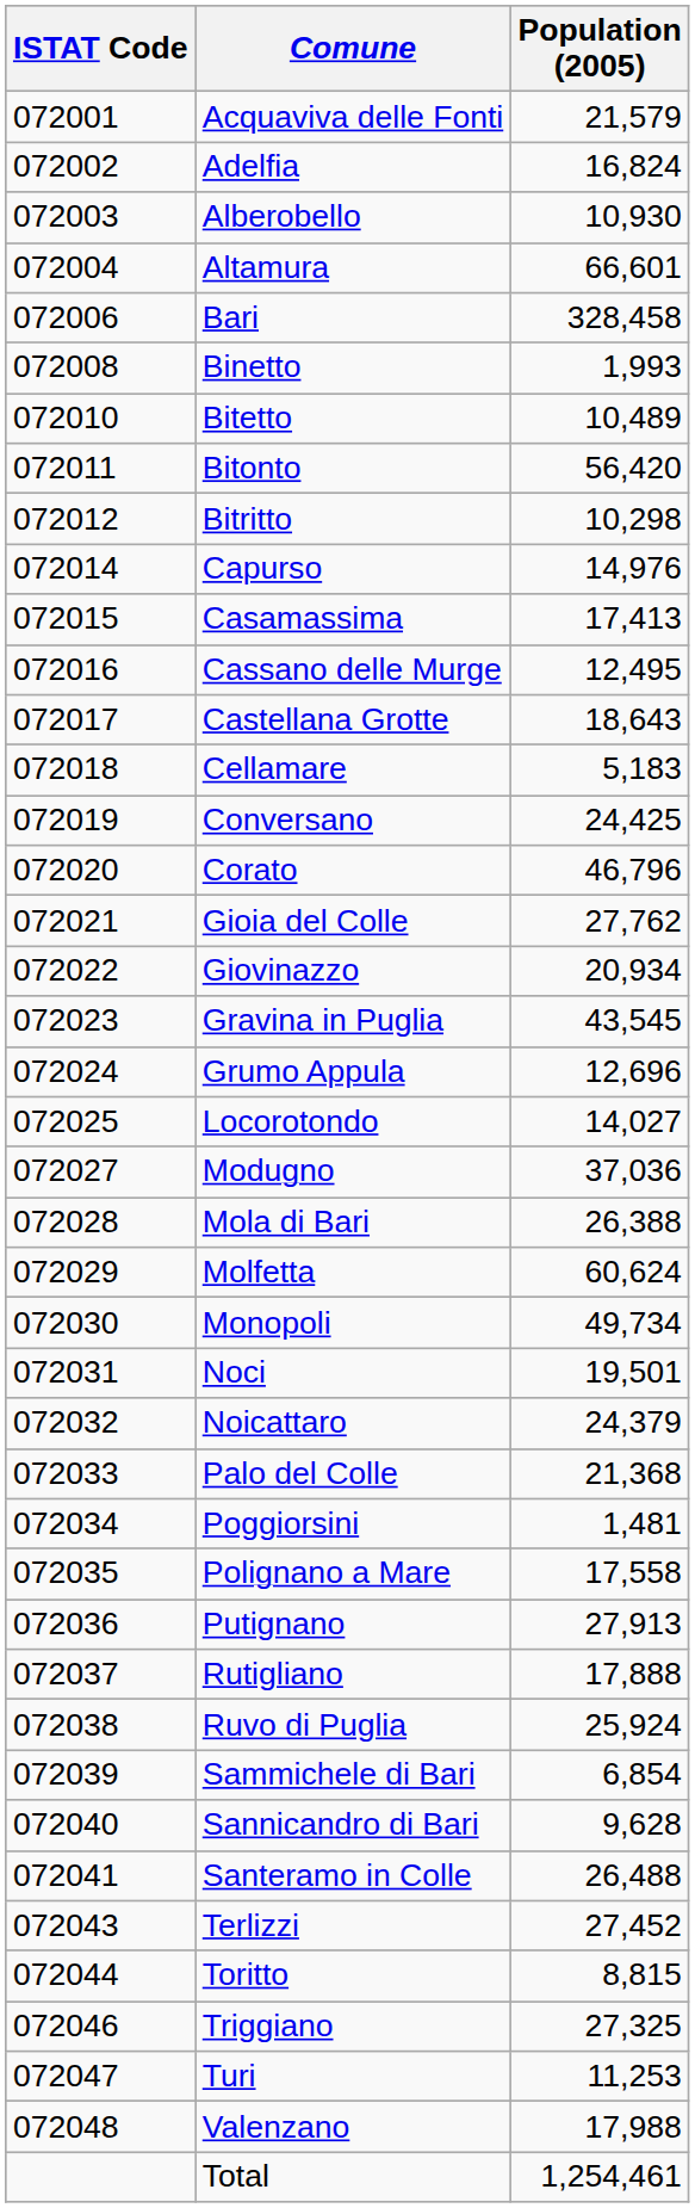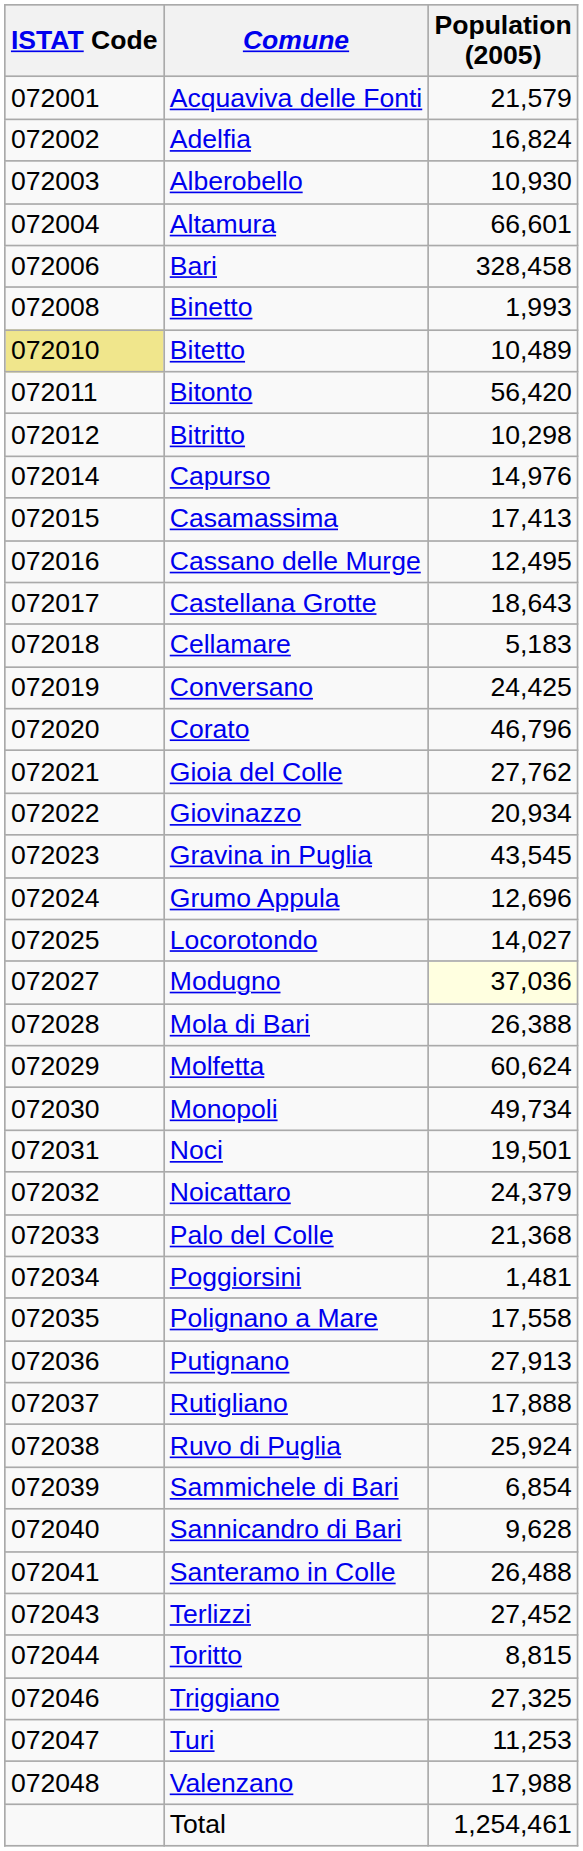 <table class="wikitable sortable">
 <tr>
 <th><a href='#'>ISTAT</a> Code</th>
 <th><em><a href='#'>Comune</a></em></th>
 <th>Population <br>(2005)</th>
 </tr>
 <tr>
 <td>072001</td>
 <td><a href='#'>Acquaviva delle Fonti</a></td>
 <td style="text-align:right;">21,579</td>
 </tr>
 <tr>
 <td>072002</td>
 <td><a href='#'>Adelfia</a></td>
 <td style="text-align:right;">16,824</td>
 </tr>
 <tr>
 <td>072003</td>
 <td><a href='#'>Alberobello</a></td>
 <td style="text-align:right;">10,930</td>
 </tr>
 <tr>
 <td>072004</td>
 <td><a href='#'>Altamura</a></td>
 <td style="text-align:right;">66,601</td>
 </tr>
 <tr>
 <td>072006</td>
 <td><a href='#'>Bari</a></td>
 <td style="text-align:right;">328,458</td>
 </tr>
 <tr>
 <td>072008</td>
 <td><a href='#'>Binetto</a></td>
 <td style="text-align:right;">1,993</td>
 </tr>
 <tr>
-<td>072010</td>
+<td style="background: khaki;">072010</td>
 <td><a href='#'>Bitetto</a></td>
 <td style="text-align:right;">10,489</td>
 </tr>
 <tr>
 <td>072011</td>
 <td><a href='#'>Bitonto</a></td>
 <td style="text-align:right;">56,420</td>
 </tr>
 <tr>
 <td>072012</td>
 <td><a href='#'>Bitritto</a></td>
 <td style="text-align:right;">10,298</td>
 </tr>
 <tr>
 <td>072014</td>
 <td><a href='#'>Capurso</a></td>
 <td style="text-align:right;">14,976</td>
 </tr>
 <tr>
 <td>072015</td>
 <td><a href='#'>Casamassima</a></td>
 <td style="text-align:right;">17,413</td>
 </tr>
 <tr>
 <td>072016</td>
 <td><a href='#'>Cassano delle Murge</a></td>
 <td style="text-align:right;">12,495</td>
 </tr>
 <tr>
 <td>072017</td>
 <td><a href='#'>Castellana Grotte</a></td>
 <td style="text-align:right;">18,643</td>
 </tr>
 <tr>
 <td>072018</td>
 <td><a href='#'>Cellamare</a></td>
 <td style="text-align:right;">5,183</td>
 </tr>
 <tr>
 <td>072019</td>
 <td><a href='#'>Conversano</a></td>
 <td style="text-align:right;">24,425</td>
 </tr>
 <tr>
 <td>072020</td>
 <td><a href='#'>Corato</a></td>
 <td style="text-align:right;">46,796</td>
 </tr>
 <tr>
 <td>072021</td>
 <td><a href='#'>Gioia del Colle</a></td>
 <td style="text-align:right;">27,762</td>
 </tr>
 <tr>
 <td>072022</td>
 <td><a href='#'>Giovinazzo</a></td>
 <td style="text-align:right;">20,934</td>
 </tr>
 <tr>
 <td>072023</td>
 <td><a href='#'>Gravina in Puglia</a></td>
 <td style="text-align:right;">43,545</td>
 </tr>
 <tr>
 <td>072024</td>
 <td><a href='#'>Grumo Appula</a></td>
 <td style="text-align:right;">12,696</td>
 </tr>
 <tr>
 <td>072025</td>
 <td><a href='#'>Locorotondo</a></td>
 <td style="text-align:right;">14,027</td>
 </tr>
 <tr>
 <td>072027</td>
 <td><a href='#'>Modugno</a></td>
-<td style="text-align:right;">37,036</td>
+<td style="background: lightyellow; text-align:right;">37,036</td>
 </tr>
 <tr>
 <td>072028</td>
 <td><a href='#'>Mola di Bari</a></td>
 <td style="text-align:right;">26,388</td>
 </tr>
 <tr>
 <td>072029</td>
 <td><a href='#'>Molfetta</a></td>
 <td style="text-align:right;">60,624</td>
 </tr>
 <tr>
 <td>072030</td>
 <td><a href='#'>Monopoli</a></td>
 <td style="text-align:right;">49,734</td>
 </tr>
 <tr>
 <td>072031</td>
 <td><a href='#'>Noci</a></td>
 <td style="text-align:right;">19,501</td>
 </tr>
 <tr>
 <td>072032</td>
 <td><a href='#'>Noicattaro</a></td>
 <td style="text-align:right;">24,379</td>
 </tr>
 <tr>
 <td>072033</td>
 <td><a href='#'>Palo del Colle</a></td>
 <td style="text-align:right;">21,368</td>
 </tr>
 <tr>
 <td>072034</td>
 <td><a href='#'>Poggiorsini</a></td>
 <td style="text-align:right;">1,481</td>
 </tr>
 <tr>
 <td>072035</td>
 <td><a href='#'>Polignano a Mare</a></td>
 <td style="text-align:right;">17,558</td>
 </tr>
 <tr>
 <td>072036</td>
 <td><a href='#'>Putignano</a></td>
 <td style="text-align:right;">27,913</td>
 </tr>
 <tr>
 <td>072037</td>
 <td><a href='#'>Rutigliano</a></td>
 <td style="text-align:right;">17,888</td>
 </tr>
 <tr>
 <td>072038</td>
 <td><a href='#'>Ruvo di Puglia</a></td>
 <td style="text-align:right;">25,924</td>
 </tr>
 <tr>
 <td>072039</td>
 <td><a href='#'>Sammichele di Bari</a></td>
 <td style="text-align:right;">6,854</td>
 </tr>
 <tr>
 <td>072040</td>
 <td><a href='#'>Sannicandro di Bari</a></td>
 <td style="text-align:right;">9,628</td>
 </tr>
 <tr>
 <td>072041</td>
 <td><a href='#'>Santeramo in Colle</a></td>
 <td style="text-align:right;">26,488</td>
 </tr>
 <tr>
 <td>072043</td>
 <td><a href='#'>Terlizzi</a></td>
 <td style="text-align:right;">27,452</td>
 </tr>
 <tr>
 <td>072044</td>
 <td><a href='#'>Toritto</a></td>
 <td style="text-align:right;">8,815</td>
 </tr>
 <tr>
 <td>072046</td>
 <td><a href='#'>Triggiano</a></td>
 <td style="text-align:right;">27,325</td>
 </tr>
 <tr>
 <td>072047</td>
 <td><a href='#'>Turi</a></td>
 <td style="text-align:right;">11,253</td>
 </tr>
 <tr>
 <td>072048</td>
 <td><a href='#'>Valenzano</a></td>
 <td style="text-align:right;">17,988</td>
 </tr>
 <tr>
 <td></td>
 <td>Total</td>
 <td style="text-align:right;">1,254,461</td>
 </tr>
 </table>
